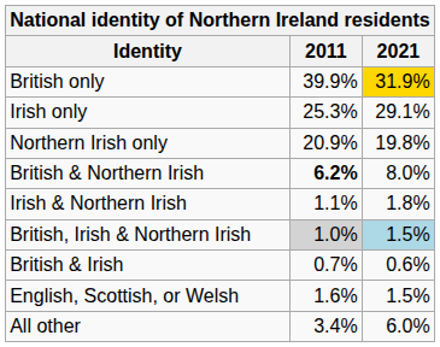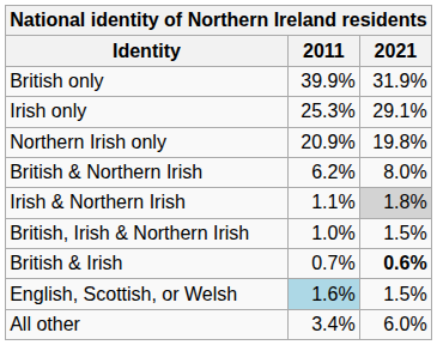 <table class="wikitable sortable" style="text-align:right">
 <tr>
 <th colspan=4>National identity of Northern Ireland residents</th>
 </tr>
 <tr>
 <th rowspan="2">Identity</th>
 <th rowspan="2">2011</th>
 <th rowspan="2">2021</th>
 </tr>
 <tr style="font-size:85%">
 </tr>
 <tr>
 <td style="text-align:left">British only</td>
 <td>39.9%</td>
-<td style="background: gold;">31.9%</td>
+<td>31.9%</td>
 </tr>
 <tr>
 <td style="text-align:left">Irish only</td>
 <td>25.3%</td>
 <td>29.1%</td>
 </tr>
 <tr>
 <td style="text-align:left">Northern Irish only</td>
 <td>20.9%</td>
 <td>19.8%</td>
 </tr>
 <tr>
 <td style="text-align:left">British & Northern Irish</td>
-<td><strong>6.2%</strong></td>
+<td>6.2%</td>
 <td>8.0%</td>
 </tr>
 <tr>
 <td style="text-align:left">Irish & Northern Irish</td>
 <td>1.1%</td>
-<td>1.8%</td>
+<td style="background: lightgrey;">1.8%</td>
 </tr>
 <tr>
 <td style="text-align:left">British, Irish & Northern Irish</td>
-<td style="background: lightgrey;">1.0%</td>
-<td style="background: lightblue;">1.5%</td>
+<td>1.0%</td>
+<td>1.5%</td>
 </tr>
 <tr>
 <td style="text-align:left">British & Irish</td>
 <td>0.7%</td>
-<td>0.6%</td>
+<td><strong>0.6%</strong></td>
 </tr>
 <tr>
 <td style="text-align:left">English, Scottish, or Welsh</td>
-<td>1.6%</td>
+<td style="background: lightblue;">1.6%</td>
 <td>1.5%</td>
 </tr>
 <tr>
 <td style="text-align:left">All other</td>
 <td>3.4%</td>
 <td>6.0%</td>
 </tr>
 </table>
